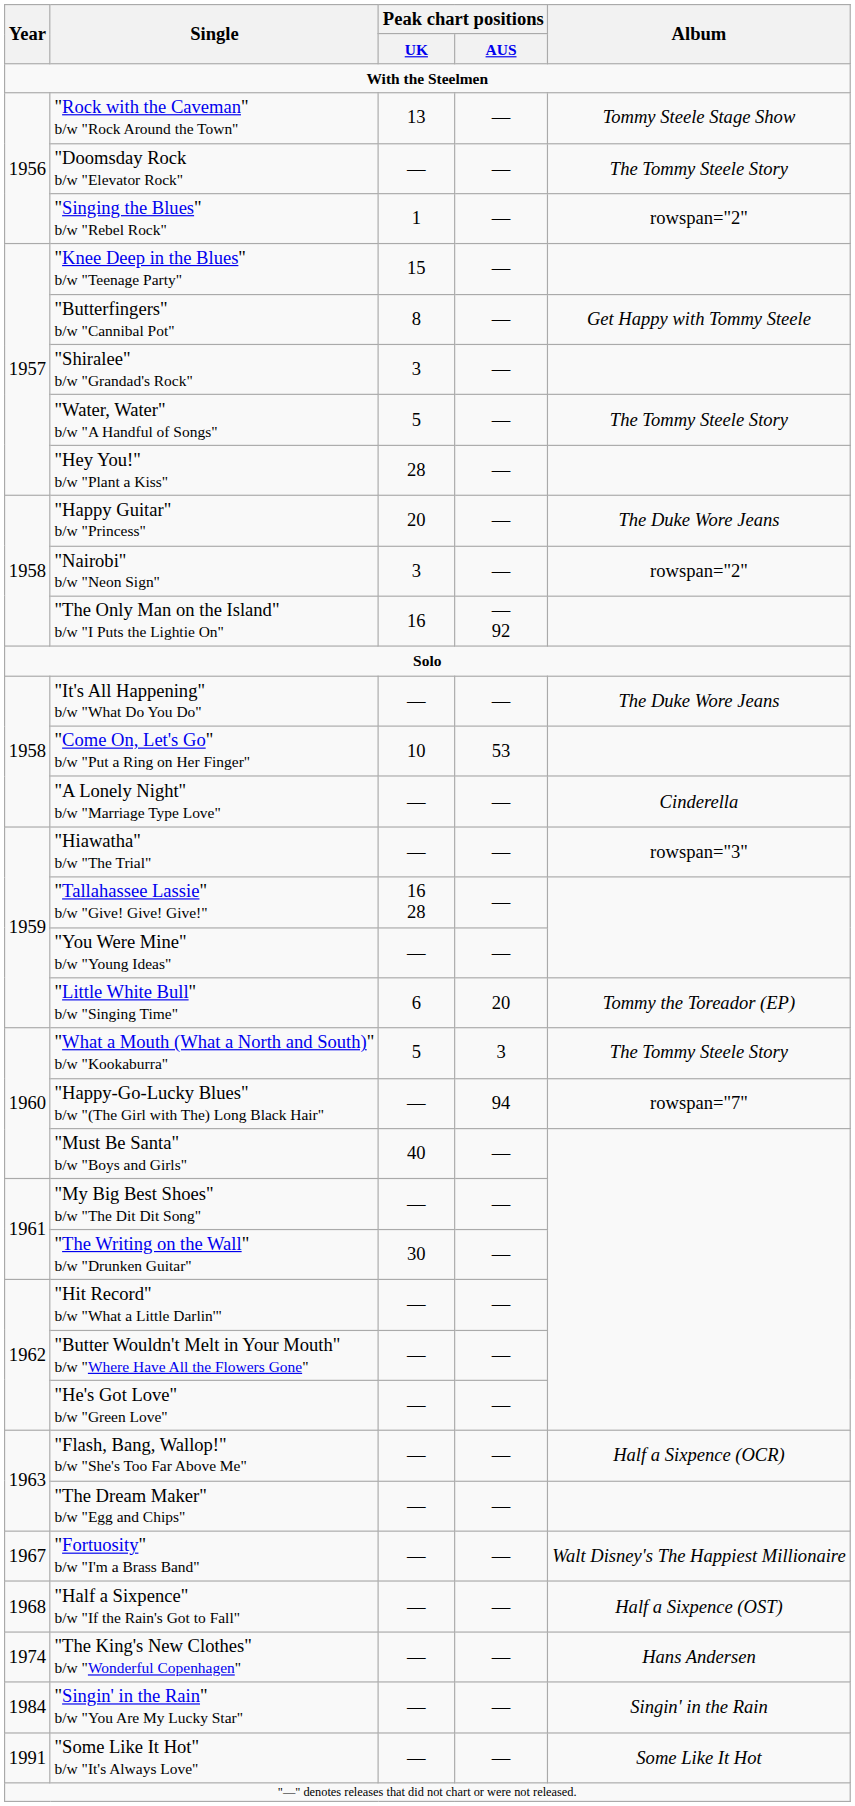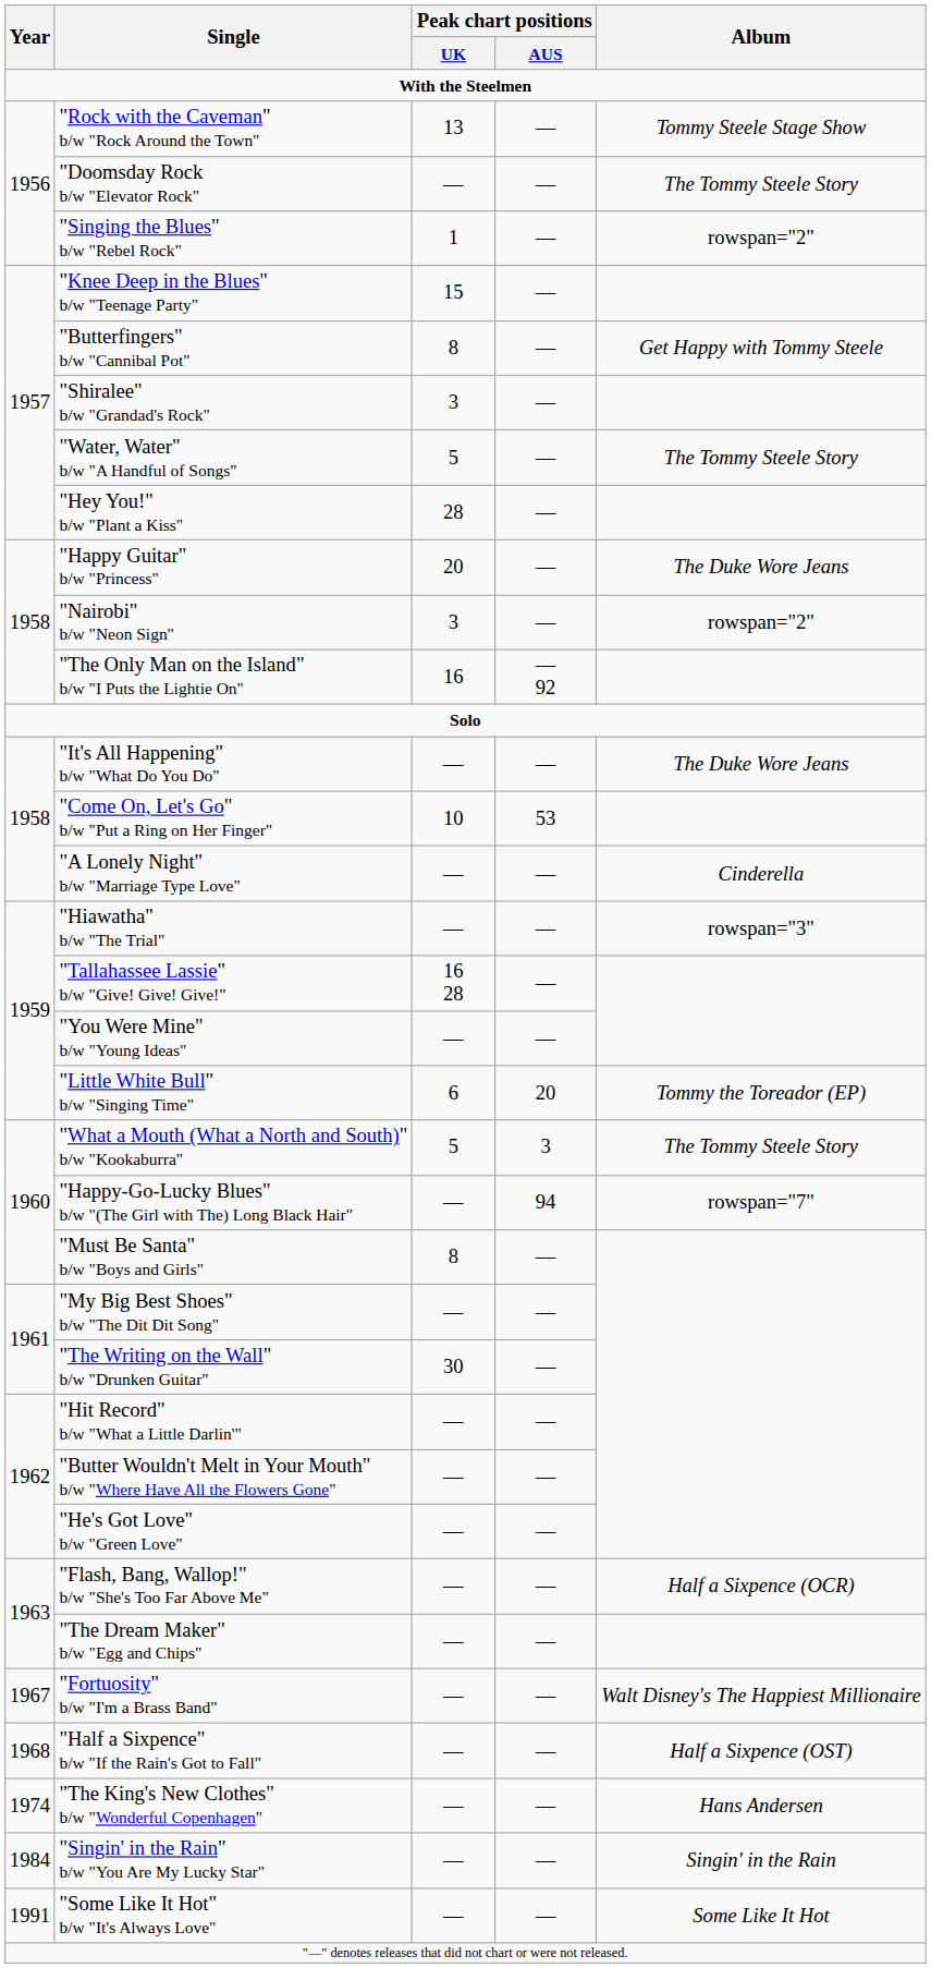 <table class="wikitable" style="text-align:center">
 <tr>
 <th rowspan="2">Year</th>
 <th rowspan="2">Single</th>
 <th colspan="2">Peak chart positions</th>
 <th rowspan="2">Album</th>
 </tr>
 <tr>
 <th><small><a href='#'>UK</a></small><br></th>
 <th><small><a href='#'>AUS</a></small></th>
 </tr>
 <tr>
 <td colspan="5" align="center"><small><strong>With the Steelmen</strong></small></td>
 </tr>
 <tr>
 <td rowspan="3">1956</td>
 <td align="left">"<a href='#'>Rock with the Caveman</a>"<br><small>b/w "Rock Around the Town"</small></td>
 <td>13</td>
 <td>—</td>
 <td><em>Tommy Steele Stage Show</em></td>
 </tr>
 <tr>
 <td align="left">"Doomsday Rock<br><small>b/w "Elevator Rock"</small></td>
 <td>—</td>
 <td>—</td>
 <td><em>The Tommy Steele Story</em></td>
 </tr>
 <tr>
 <td align="left">"<a href='#'>Singing the Blues</a>"<br><small>b/w "Rebel Rock"</small></td>
 <td>1</td>
 <td>—</td>
 <td>rowspan="2" </td>
 </tr>
 <tr>
 <td rowspan="5">1957</td>
 <td align="left">"<a href='#'>Knee Deep in the Blues</a>"<br><small>b/w "Teenage Party"</small></td>
 <td>15</td>
 <td>—</td>
 </tr>
 <tr>
 <td align="left">"Butterfingers"<br><small>b/w "Cannibal Pot"</small></td>
 <td>8</td>
 <td>—</td>
 <td><em>Get Happy with Tommy Steele</em></td>
 </tr>
 <tr>
 <td align="left">"Shiralee"<br><small>b/w "Grandad's Rock"</small></td>
 <td>3</td>
 <td>—</td>
 <td></td>
 </tr>
 <tr>
 <td align="left">"Water, Water"<br><small>b/w "A Handful of Songs"</small></td>
 <td>5</td>
 <td>—</td>
 <td><em>The Tommy Steele Story</em></td>
 </tr>
 <tr>
 <td align="left">"Hey You!"<br><small>b/w "Plant a Kiss"</small></td>
 <td>28</td>
 <td>—</td>
 <td></td>
 </tr>
 <tr>
 <td rowspan="3">1958</td>
 <td align="left">"Happy Guitar"<br><small>b/w "Princess"</small></td>
 <td>20</td>
 <td>—</td>
 <td><em>The Duke Wore Jeans</em></td>
 </tr>
 <tr>
 <td align="left">"Nairobi"<br><small>b/w "Neon Sign"</small></td>
 <td>3</td>
 <td>—</td>
 <td>rowspan="2" </td>
 </tr>
 <tr>
 <td align="left">"The Only Man on the Island" <br><small>b/w "I Puts the Lightie On"</small></td>
 <td>16</td>
 <td>—<br>92</td>
 </tr>
 <tr>
 <td colspan="5" align="center"><small><strong>Solo</strong></small></td>
 </tr>
 <tr>
 <td rowspan="3">1958</td>
 <td align="left">"It's All Happening"<br><small>b/w "What Do You Do"</small></td>
 <td>—</td>
 <td>—</td>
 <td><em>The Duke Wore Jeans</em></td>
 </tr>
 <tr>
 <td align="left">"<a href='#'>Come On, Let's Go</a>"<br><small>b/w "Put a Ring on Her Finger"</small></td>
 <td>10</td>
 <td>53</td>
 <td></td>
 </tr>
 <tr>
 <td align="left">"A Lonely Night"<br><small>b/w "Marriage Type Love"</small></td>
 <td>—</td>
 <td>—</td>
 <td><em>Cinderella</em></td>
 </tr>
 <tr>
 <td rowspan="4">1959</td>
 <td align="left">"Hiawatha"<br><small>b/w "The Trial"</small></td>
 <td>—</td>
 <td>—</td>
 <td>rowspan="3" </td>
 </tr>
 <tr>
 <td align="left">"<a href='#'>Tallahassee Lassie</a>"<br><small>b/w "Give! Give! Give!"</small></td>
 <td>16<br>28</td>
 <td>—</td>
 </tr>
 <tr>
 <td align="left">"You Were Mine"<br><small>b/w "Young Ideas"</small></td>
 <td>—</td>
 <td>—</td>
 </tr>
 <tr>
 <td align="left">"<a href='#'>Little White Bull</a>"<br><small>b/w "Singing Time"</small></td>
 <td>6</td>
 <td>20</td>
 <td><em>Tommy the Toreador (EP)</em></td>
 </tr>
 <tr>
 <td rowspan="3">1960</td>
 <td align="left">"<a href='#'>What a Mouth (What a North and South)</a>"<br><small>b/w "Kookaburra"</small></td>
 <td>5</td>
 <td>3</td>
 <td><em>The Tommy Steele Story</em></td>
 </tr>
 <tr>
 <td align="left">"Happy-Go-Lucky Blues"<br><small>b/w "(The Girl with The) Long Black Hair"</small></td>
 <td>—<br></td>
 <td>94</td>
 <td>rowspan="7" </td>
 </tr>
 <tr>
 <td align="left">"Must Be Santa"<br><small>b/w "Boys and Girls"</small></td>
-<td>40</td>
+<td>8</td>
 <td>—</td>
 </tr>
 <tr>
 <td rowspan="2">1961</td>
 <td align="left">"My Big Best Shoes"<br><small>b/w "The Dit Dit Song"</small></td>
 <td>—</td>
 <td>—</td>
 </tr>
 <tr>
 <td align="left">"<a href='#'>The Writing on the Wall</a>"<br><small>b/w "Drunken Guitar"</small></td>
 <td>30</td>
 <td>—</td>
 </tr>
 <tr>
 <td rowspan="3">1962</td>
 <td align="left">"Hit Record"<br><small>b/w "What a Little Darlin'"</small></td>
 <td>—</td>
 <td>—</td>
 </tr>
 <tr>
 <td align="left">"Butter Wouldn't Melt in Your Mouth"<br><small>b/w "<a href='#'>Where Have All the Flowers Gone</a>"</small></td>
 <td>—</td>
 <td>—</td>
 </tr>
 <tr>
 <td align="left">"He's Got Love"<br><small>b/w "Green Love"</small></td>
 <td>—</td>
 <td>—</td>
 </tr>
 <tr>
 <td rowspan="2">1963</td>
 <td align="left">"Flash, Bang, Wallop!"<br><small>b/w "She's Too Far Above Me"</small></td>
 <td>—</td>
 <td>—</td>
 <td><em>Half a Sixpence (OCR)</em></td>
 </tr>
 <tr>
 <td align="left">"The Dream Maker"<br><small>b/w "Egg and Chips"</small></td>
 <td>—</td>
 <td>—</td>
 <td></td>
 </tr>
 <tr>
 <td>1967</td>
 <td align="left">"<a href='#'>Fortuosity</a>"<br><small>b/w "I'm a Brass Band"</small></td>
 <td>—</td>
 <td>—</td>
 <td><em>Walt Disney's The Happiest Millionaire</em></td>
 </tr>
 <tr>
 <td>1968</td>
 <td align="left">"Half a Sixpence"<br><small>b/w "If the Rain's Got to Fall"</small></td>
 <td>—</td>
 <td>—</td>
 <td><em>Half a Sixpence (OST)</em></td>
 </tr>
 <tr>
 <td>1974</td>
 <td align="left">"The King's New Clothes"<br><small>b/w "<a href='#'>Wonderful Copenhagen</a>"</small></td>
 <td>—</td>
 <td>—</td>
 <td><em>Hans Andersen</em></td>
 </tr>
 <tr>
 <td>1984</td>
 <td align="left">"<a href='#'>Singin' in the Rain</a>"<br><small>b/w "You Are My Lucky Star"</small></td>
 <td>—</td>
 <td>—</td>
 <td><em>Singin' in the Rain</em></td>
 </tr>
 <tr>
 <td>1991</td>
 <td align="left">"Some Like It Hot"<br><small>b/w "It's Always Love"</small></td>
 <td>—</td>
 <td>—</td>
 <td><em>Some Like It Hot</em></td>
 </tr>
 <tr>
 <td colspan="5" style="font-size:8pt">"—" denotes releases that did not chart or were not released.</td>
 </tr>
 </table>
